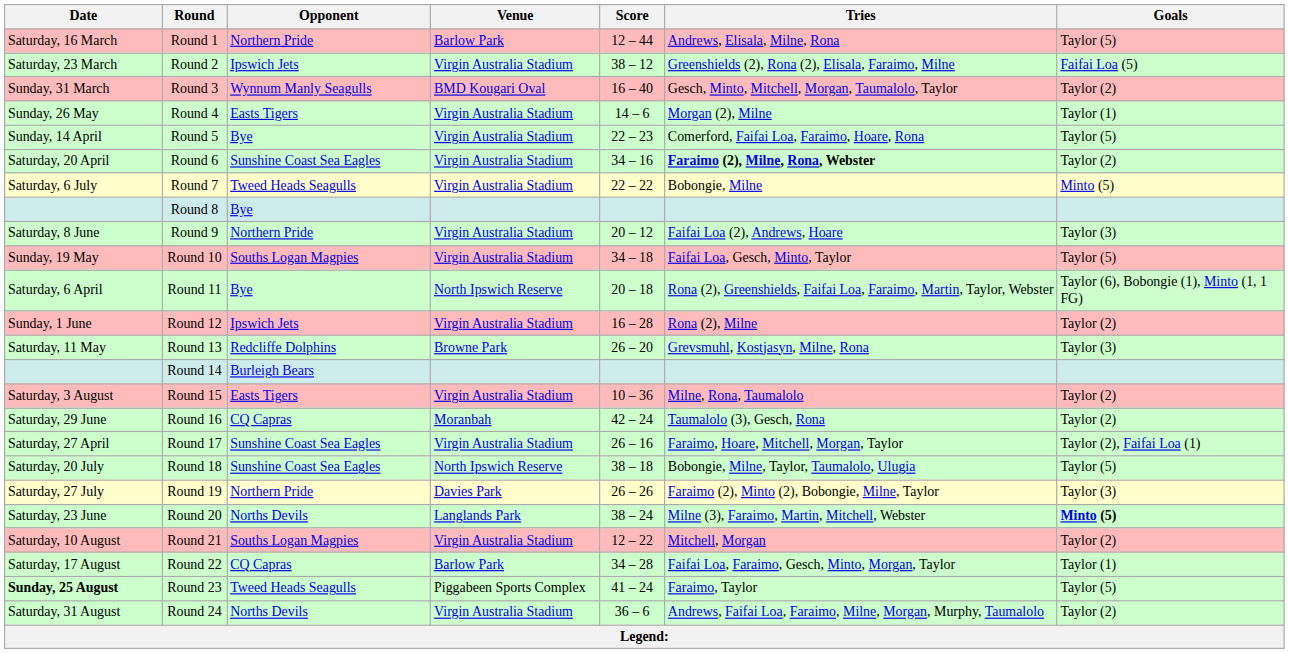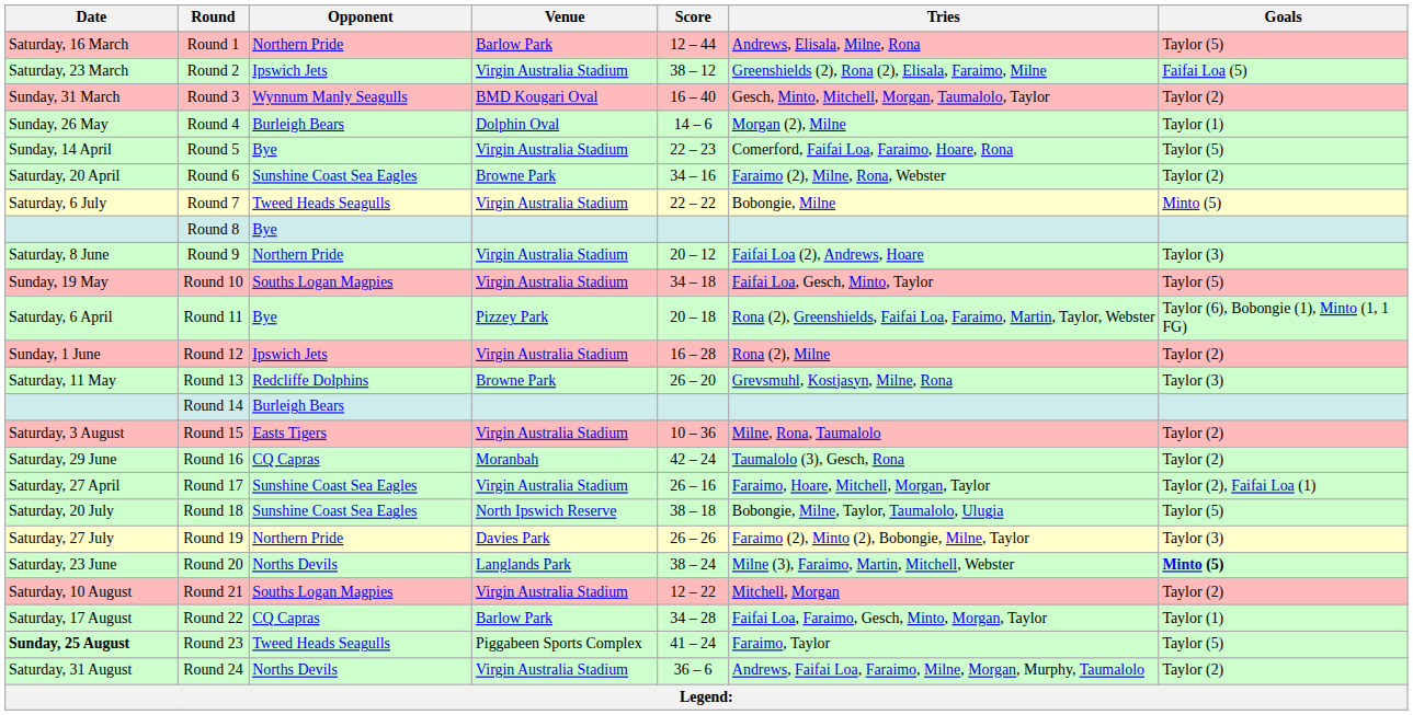 <table class="wikitable" style="font-size:75%;">
 <tr>
 <th style="width:130px;">Date</th>
 <th style="width:50px;">Round</th>
 <th style="width:170px;">Opponent</th>
 <th style="width:140px;">Venue</th>
 <th style="width:50px;">Score</th>
 <th style="width:300x;">Tries</th>
 <th style="width:190px;">Goals</th>
 </tr>
 <tr style="background:#FFBBBB">
 <td>Saturday, 16 March</td>
 <td style="text-align:center;">Round 1</td>
 <td> <a href='#'>Northern Pride</a></td>
 <td><a href='#'>Barlow Park</a></td>
 <td style="text-align:center;">12 – 44</td>
 <td><a href='#'>Andrews</a>, <a href='#'>Elisala</a>, <a href='#'>Milne</a>, <a href='#'>Rona</a></td>
 <td>Taylor (5)</td>
 </tr>
 <tr style="background:#CCFFCC">
 <td>Saturday, 23 March</td>
 <td style="text-align:center;">Round 2</td>
 <td> <a href='#'>Ipswich Jets</a></td>
 <td><a href='#'>Virgin Australia Stadium</a></td>
 <td style="text-align:center;">38 – 12</td>
 <td><a href='#'>Greenshields</a> (2), <a href='#'>Rona</a> (2), <a href='#'>Elisala</a>, <a href='#'>Faraimo</a>, <a href='#'>Milne</a></td>
 <td><a href='#'>Faifai Loa</a> (5)</td>
 </tr>
 <tr style="background:#FFBBBB">
 <td>Sunday, 31 March</td>
 <td style="text-align:center;">Round 3</td>
 <td> <a href='#'>Wynnum Manly Seagulls</a></td>
 <td><a href='#'>BMD Kougari Oval</a></td>
 <td style="text-align:center;">16 – 40</td>
 <td>Gesch, <a href='#'>Minto</a>, <a href='#'>Mitchell</a>, <a href='#'>Morgan</a>, <a href='#'>Taumalolo</a>, Taylor</td>
 <td>Taylor (2)</td>
 </tr>
 <tr style="background:#CCFFCC">
 <td>Sunday, 26 May</td>
 <td style="text-align:center;">Round 4</td>
-<td> <a href='#'>Easts Tigers</a></td>
-<td><a href='#'>Virgin Australia Stadium</a></td>
+<td> <a href='#'>Burleigh Bears</a></td>
+<td><a href='#'>Dolphin Oval</a></td>
 <td style="text-align:center;">14 – 6</td>
 <td><a href='#'>Morgan</a> (2), <a href='#'>Milne</a></td>
 <td>Taylor (1)</td>
 </tr>
 <tr style="background:#CCFFCC">
 <td>Sunday, 14 April</td>
 <td style="text-align:center;">Round 5</td>
 <td><a href='#'>Bye</a></td>
 <td><a href='#'>Virgin Australia Stadium</a></td>
 <td style="text-align:center;">22 – 23</td>
 <td>Comerford, <a href='#'>Faifai Loa</a>, <a href='#'>Faraimo</a>, <a href='#'>Hoare</a>, <a href='#'>Rona</a></td>
 <td>Taylor (5)</td>
 </tr>
 <tr style="background:#CCFFCC">
 <td>Saturday, 20 April</td>
 <td style="text-align:center;">Round 6</td>
 <td> <a href='#'>Sunshine Coast Sea Eagles</a></td>
-<td><a href='#'>Virgin Australia Stadium</a></td>
+<td><a href='#'>Browne Park</a></td>
 <td style="text-align:center;">34 – 16</td>
-<td><strong><a href='#'>Faraimo</a> (2), <a href='#'>Milne</a>, <a href='#'>Rona</a>, Webster</strong></td>
+<td><a href='#'>Faraimo</a> (2), <a href='#'>Milne</a>, <a href='#'>Rona</a>, Webster</td>
 <td>Taylor (2)</td>
 </tr>
 <tr style="background:#FFFFCC">
 <td>Saturday, 6 July</td>
 <td style="text-align:center;">Round 7</td>
 <td> <a href='#'>Tweed Heads Seagulls</a></td>
 <td><a href='#'>Virgin Australia Stadium</a></td>
 <td style="text-align:center;">22 – 22</td>
 <td>Bobongie, <a href='#'>Milne</a></td>
 <td><a href='#'>Minto</a> (5)</td>
 </tr>
 <tr style="background:#cfecec;">
 <td></td>
 <td style="text-align:center;">Round 8</td>
 <td><a href='#'>Bye</a></td>
 <td></td>
 <td></td>
 <td></td>
 <td></td>
 </tr>
 <tr style="background:#CCFFCC">
 <td>Saturday, 8 June</td>
 <td style="text-align:center;">Round 9</td>
 <td> <a href='#'>Northern Pride</a></td>
 <td><a href='#'>Virgin Australia Stadium</a></td>
 <td style="text-align:center;">20 – 12</td>
 <td><a href='#'>Faifai Loa</a> (2), <a href='#'>Andrews</a>, <a href='#'>Hoare</a></td>
 <td>Taylor (3)</td>
 </tr>
 <tr style="background:#FFBBBB">
 <td>Sunday, 19 May</td>
 <td style="text-align:center;">Round 10</td>
 <td> <a href='#'>Souths Logan Magpies</a></td>
 <td><a href='#'>Virgin Australia Stadium</a></td>
 <td style="text-align:center;">34 – 18</td>
 <td><a href='#'>Faifai Loa</a>, Gesch, <a href='#'>Minto</a>, Taylor</td>
 <td>Taylor (5)</td>
 </tr>
 <tr style="background:#CCFFCC">
 <td>Saturday, 6 April</td>
 <td style="text-align:center;">Round 11</td>
 <td><a href='#'>Bye</a></td>
-<td><a href='#'>North Ipswich Reserve</a></td>
+<td><a href='#'>Pizzey Park</a></td>
 <td style="text-align:center;">20 – 18</td>
 <td><a href='#'>Rona</a> (2), <a href='#'>Greenshields</a>, <a href='#'>Faifai Loa</a>, <a href='#'>Faraimo</a>, <a href='#'>Martin</a>, Taylor, Webster</td>
 <td>Taylor (6), Bobongie (1), <a href='#'>Minto</a> (1, 1 FG)</td>
 </tr>
 <tr style="background:#FFBBBB">
 <td>Sunday, 1 June</td>
 <td style="text-align:center;">Round 12</td>
 <td> <a href='#'>Ipswich Jets</a></td>
 <td><a href='#'>Virgin Australia Stadium</a></td>
 <td style="text-align:center;">16 – 28</td>
 <td><a href='#'>Rona</a> (2), <a href='#'>Milne</a></td>
 <td>Taylor (2)</td>
 </tr>
 <tr style="background:#CCFFCC">
 <td>Saturday, 11 May</td>
 <td style="text-align:center;">Round 13</td>
 <td> <a href='#'>Redcliffe Dolphins</a></td>
 <td><a href='#'>Browne Park</a></td>
 <td style="text-align:center;">26 – 20</td>
 <td><a href='#'>Grevsmuhl</a>, <a href='#'>Kostjasyn</a>, <a href='#'>Milne</a>, <a href='#'>Rona</a></td>
 <td>Taylor (3)</td>
 </tr>
 <tr style="background:#cfecec;">
 <td></td>
 <td style="text-align:center;">Round 14</td>
 <td> <a href='#'>Burleigh Bears</a></td>
 <td></td>
 <td></td>
 <td></td>
 <td></td>
 </tr>
 <tr style="background:#FFBBBB">
 <td>Saturday, 3 August</td>
 <td style="text-align:center;">Round 15</td>
 <td> <a href='#'>Easts Tigers</a></td>
 <td><a href='#'>Virgin Australia Stadium</a></td>
 <td style="text-align:center;">10 – 36</td>
 <td><a href='#'>Milne</a>, <a href='#'>Rona</a>, <a href='#'>Taumalolo</a></td>
 <td>Taylor (2)</td>
 </tr>
 <tr style="background:#CCFFCC">
 <td>Saturday, 29 June</td>
 <td style="text-align:center;">Round 16</td>
 <td> <a href='#'>CQ Capras</a></td>
 <td><a href='#'>Moranbah</a></td>
 <td style="text-align:center;">42 – 24</td>
 <td><a href='#'>Taumalolo</a> (3), Gesch, <a href='#'>Rona</a></td>
 <td>Taylor (2)</td>
 </tr>
 <tr style="background:#CCFFCC">
 <td>Saturday, 27 April</td>
 <td style="text-align:center;">Round 17</td>
 <td> <a href='#'>Sunshine Coast Sea Eagles</a></td>
 <td><a href='#'>Virgin Australia Stadium</a></td>
 <td style="text-align:center;">26 – 16</td>
 <td><a href='#'>Faraimo</a>, <a href='#'>Hoare</a>, <a href='#'>Mitchell</a>, <a href='#'>Morgan</a>, Taylor</td>
 <td>Taylor (2), <a href='#'>Faifai Loa</a> (1)</td>
 </tr>
 <tr style="background:#CCFFCC">
 <td>Saturday, 20 July</td>
 <td style="text-align:center;">Round 18</td>
 <td> <a href='#'>Sunshine Coast Sea Eagles</a></td>
 <td><a href='#'>North Ipswich Reserve</a></td>
 <td style="text-align:center;">38 – 18</td>
 <td>Bobongie, <a href='#'>Milne</a>, Taylor, <a href='#'>Taumalolo</a>, <a href='#'>Ulugia</a></td>
 <td>Taylor (5)</td>
 </tr>
 <tr style="background:#FFFFCC">
 <td>Saturday, 27 July</td>
 <td style="text-align:center;">Round 19</td>
 <td> <a href='#'>Northern Pride</a></td>
 <td><a href='#'>Davies Park</a></td>
 <td style="text-align:center;">26 – 26</td>
 <td><a href='#'>Faraimo</a> (2), <a href='#'>Minto</a> (2), Bobongie, <a href='#'>Milne</a>, Taylor</td>
 <td>Taylor (3)</td>
 </tr>
 <tr style="background:#CCFFCC">
 <td>Saturday, 23 June</td>
 <td style="text-align:center;">Round 20</td>
 <td> <a href='#'>Norths Devils</a></td>
 <td><a href='#'>Langlands Park</a></td>
 <td style="text-align:center;">38 – 24</td>
 <td><a href='#'>Milne</a> (3), <a href='#'>Faraimo</a>, <a href='#'>Martin</a>, <a href='#'>Mitchell</a>, Webster</td>
 <td><strong><a href='#'>Minto</a> (5)</strong></td>
 </tr>
 <tr style="background:#FFBBBB">
 <td>Saturday, 10 August</td>
 <td style="text-align:center;">Round 21</td>
 <td> <a href='#'>Souths Logan Magpies</a></td>
 <td><a href='#'>Virgin Australia Stadium</a></td>
 <td style="text-align:center;">12 – 22</td>
 <td><a href='#'>Mitchell</a>, <a href='#'>Morgan</a></td>
 <td>Taylor (2)</td>
 </tr>
 <tr style="background:#CCFFCC">
 <td>Saturday, 17 August</td>
 <td style="text-align:center;">Round 22</td>
 <td> <a href='#'>CQ Capras</a></td>
 <td><a href='#'>Barlow Park</a></td>
 <td style="text-align:center;">34 – 28</td>
 <td><a href='#'>Faifai Loa</a>, <a href='#'>Faraimo</a>, Gesch, <a href='#'>Minto</a>, <a href='#'>Morgan</a>, Taylor</td>
 <td>Taylor (1)</td>
 </tr>
 <tr style="background:#CCFFCC">
 <td><strong>Sunday, 25 August</strong></td>
 <td style="text-align:center;">Round 23</td>
 <td> <a href='#'>Tweed Heads Seagulls</a></td>
 <td>Piggabeen Sports Complex</td>
 <td style="text-align:center;">41 – 24</td>
 <td><a href='#'>Faraimo</a>, Taylor</td>
 <td>Taylor (5)</td>
 </tr>
 <tr style="background:#CCFFCC">
 <td>Saturday, 31 August</td>
 <td style="text-align:center;">Round 24</td>
 <td> <a href='#'>Norths Devils</a></td>
 <td><a href='#'>Virgin Australia Stadium</a></td>
 <td style="text-align:center;">36 – 6</td>
 <td><a href='#'>Andrews</a>, <a href='#'>Faifai Loa</a>, <a href='#'>Faraimo</a>, <a href='#'>Milne</a>, <a href='#'>Morgan</a>, Murphy, <a href='#'>Taumalolo</a></td>
 <td>Taylor (2)</td>
 </tr>
 <tr>
 <th colspan="11"><strong>Legend</strong>:    </th>
 </tr>
 </table>
